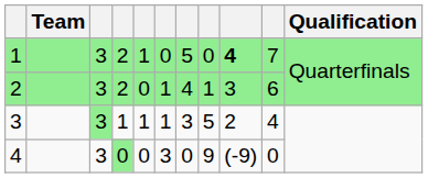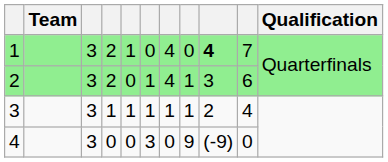 <table class="wikitable">
 <tr>
 <th></th>
 <th>Team</th>
 <th></th>
 <th></th>
 <th></th>
 <th></th>
 <th></th>
 <th></th>
 <th></th>
 <th></th>
 <th>Qualification</th>
 </tr>
 <tr bgcolor=lightgreen>
 <td>1</td>
 <td></td>
 <td>3</td>
 <td>2</td>
 <td>1</td>
 <td>0</td>
-<td>5</td>
+<td>4</td>
 <td>0</td>
 <td><strong>4</strong></td>
 <td>7</td>
 <td rowspan=2>Quarterfinals</td>
 </tr>
 <tr bgcolor=lightgreen>
 <td>2</td>
 <td></td>
 <td>3</td>
 <td>2</td>
 <td>0</td>
 <td>1</td>
 <td>4</td>
 <td>1</td>
 <td>3</td>
 <td>6</td>
 </tr>
 <tr>
 <td>3</td>
 <td></td>
-<td style="background: lightgreen;">3</td>
+<td>3</td>
 <td>1</td>
 <td>1</td>
 <td>1</td>
-<td>3</td>
-<td>5</td>
+<td>1</td>
+<td>1</td>
 <td>2</td>
 <td>4</td>
 <td rowspan=2></td>
 </tr>
 <tr>
 <td>4</td>
 <td></td>
 <td>3</td>
-<td style="background: lightgreen;">0</td>
+<td>0</td>
 <td>0</td>
 <td>3</td>
 <td>0</td>
 <td>9</td>
 <td>(-9)</td>
 <td>0</td>
 </tr>
 </table>
